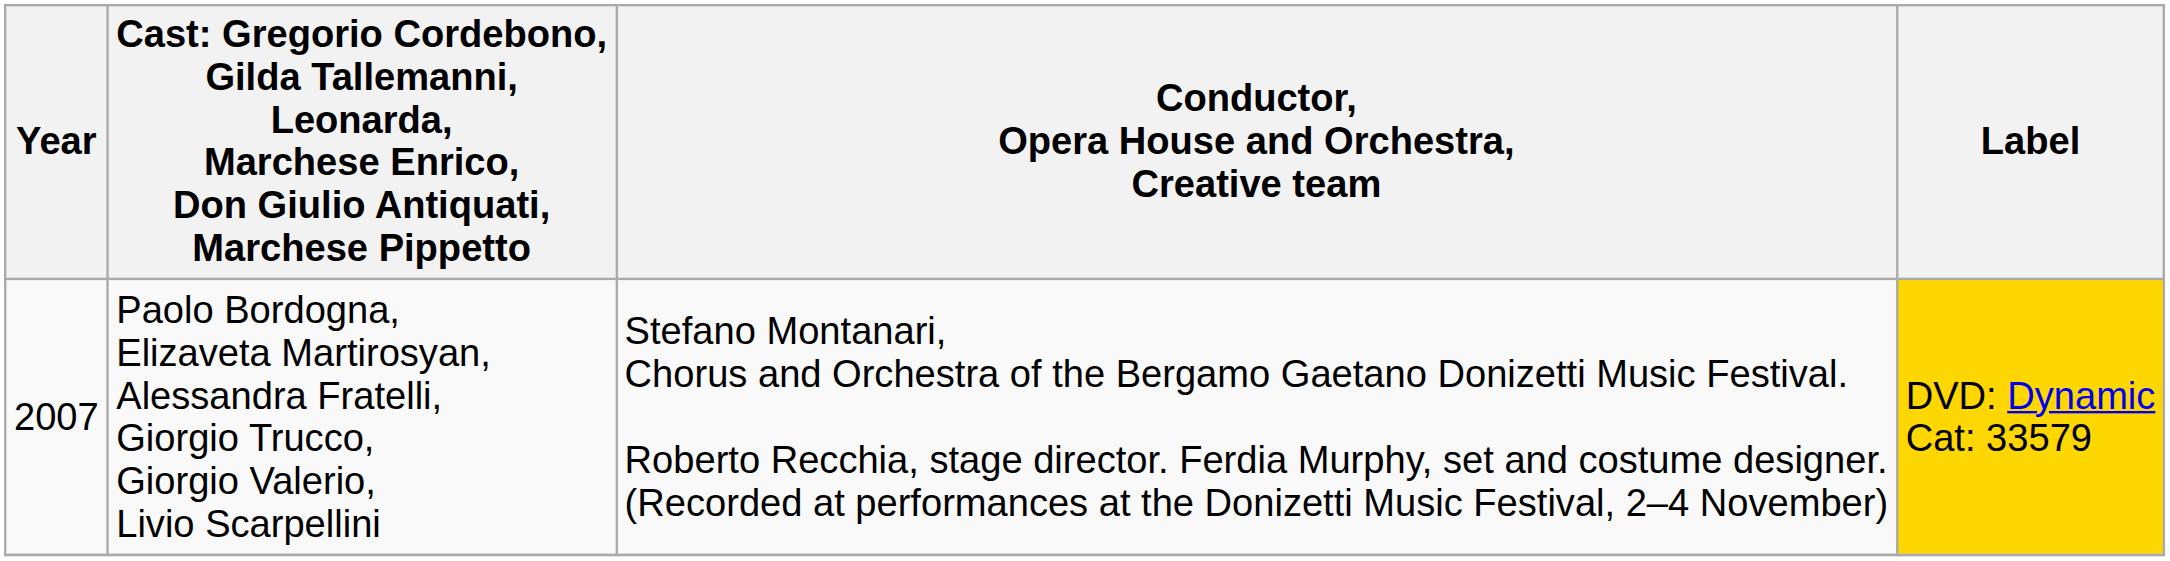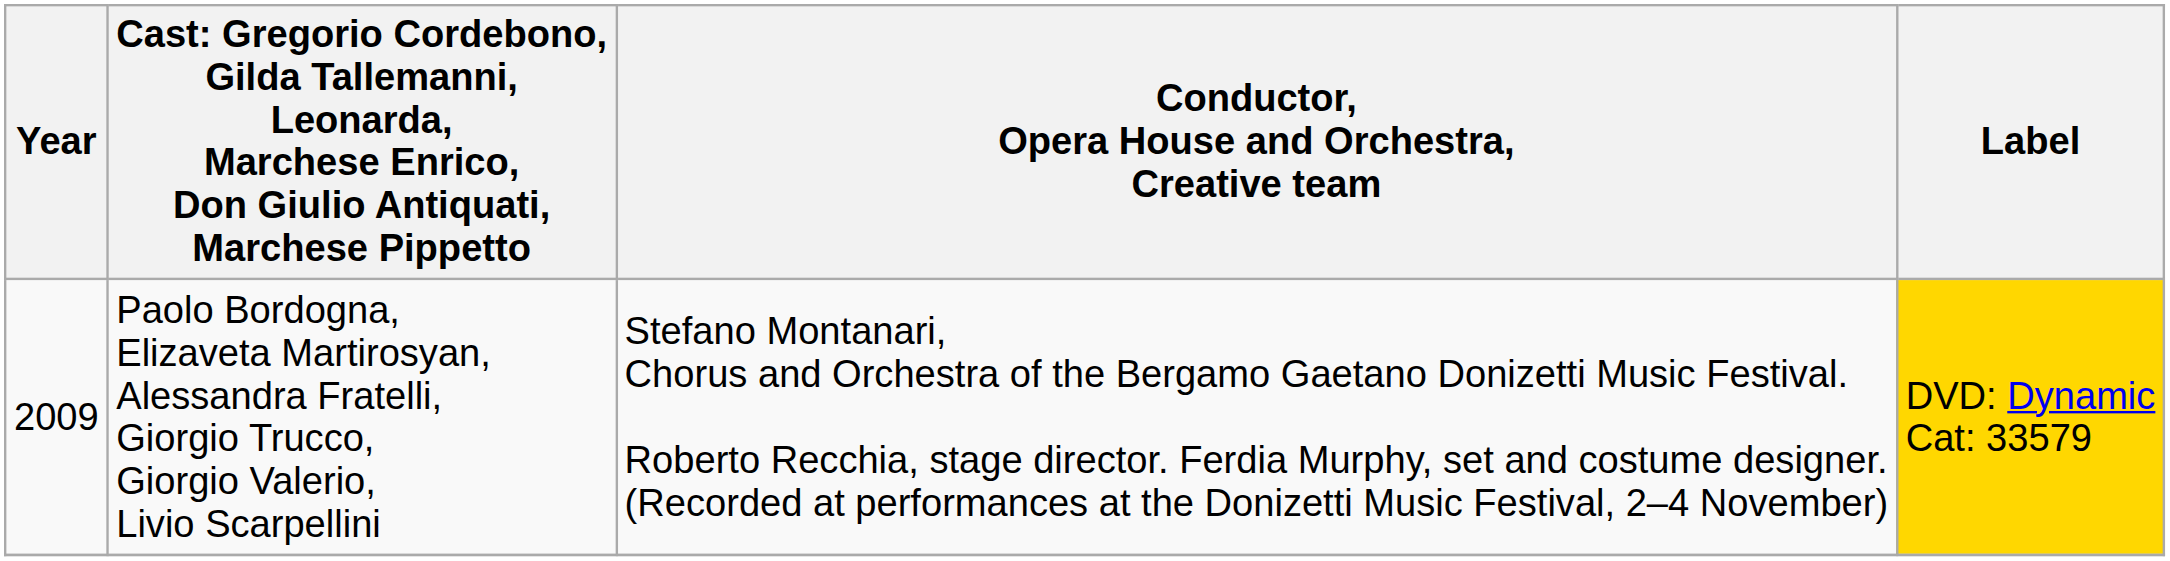 <table class="wikitable">
 <tr>
 <th>Year</th>
 <th>Cast: Gregorio Cordebono,<br>Gilda Tallemanni,<br>Leonarda,<br>Marchese Enrico,<br>Don Giulio Antiquati,<br>Marchese Pippetto</th>
 <th>Conductor,<br>Opera House and Orchestra,<br>Creative team</th>
 <th>Label</th>
 </tr>
 <tr>
-<td>2007</td>
+<td>2009</td>
 <td>Paolo Bordogna,<br>Elizaveta Martirosyan,<br>Alessandra Fratelli,<br>Giorgio Trucco,<br>Giorgio Valerio,<br>Livio Scarpellini</td>
 <td>Stefano Montanari,<br>Chorus and Orchestra of the Bergamo Gaetano Donizetti Music Festival.<br><br>Roberto Recchia, stage director. Ferdia Murphy, set and costume designer.<br>(Recorded at performances at the Donizetti Music Festival, 2–4 November)</td>
 <td style="background: gold;">DVD: <a href='#'>Dynamic</a><br>Cat: 33579</td>
 </tr>
 <tr>
 </tr>
 </table>
